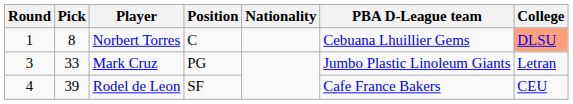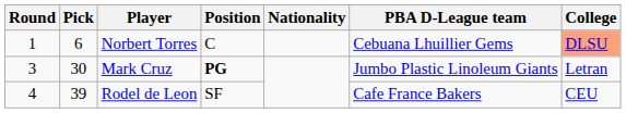 <table class="wikitable">
 <tr>
 <th>Round</th>
 <th>Pick</th>
 <th>Player</th>
 <th>Position</th>
 <th>Nationality</th>
 <th>PBA D-League team</th>
 <th>College</th>
 </tr>
 <tr>
 <td align=center>1</td>
-<td align=center>8</td>
+<td align=center>6</td>
 <td><a href='#'>Norbert Torres</a></td>
 <td>C</td>
 <td></td>
 <td><a href='#'>Cebuana Lhuillier Gems</a></td>
 <td style="background: lightsalmon;"><a href='#'>DLSU</a></td>
 </tr>
 <tr>
 <td align=center>3</td>
-<td align=center>33</td>
+<td align=center>30</td>
 <td><a href='#'>Mark Cruz</a></td>
-<td>PG</td>
+<td><strong>PG</strong></td>
 <td rowspan=2></td>
 <td><a href='#'>Jumbo Plastic Linoleum Giants</a></td>
 <td><a href='#'>Letran</a></td>
 </tr>
 <tr>
 <td align=center>4</td>
 <td align=center>39</td>
 <td><a href='#'>Rodel de Leon</a></td>
 <td>SF</td>
 <td><a href='#'>Cafe France Bakers</a></td>
 <td><a href='#'>CEU</a></td>
 </tr>
 </table>
